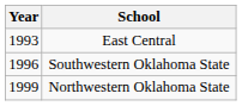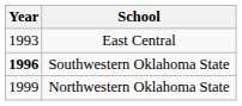 <table class="wikitable" style=text-align:center>
 <tr>
 <th>Year</th>
 <th width=200>School</th>
 </tr>
 <tr>
 <td>1993</td>
 <td>East Central</td>
 </tr>
 <tr>
-<td>1996</td>
+<td><strong>1996</strong></td>
 <td>Southwestern Oklahoma State</td>
 </tr>
 <tr>
 <td>1999</td>
 <td>Northwestern Oklahoma State</td>
 </tr>
 </table>
